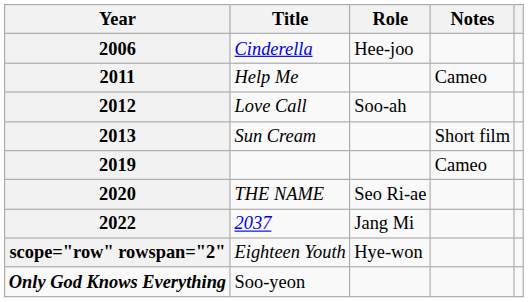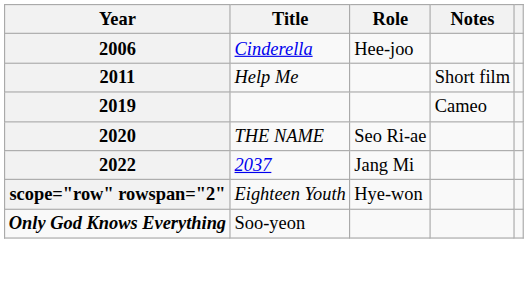 <table class="wikitable plainrowheaders sortable">
 <tr>
 <th scope="col">Year</th>
 <th scope="col">Title</th>
 <th scope="col">Role</th>
 <th scope="col">Notes</th>
 <th scope="col" class="unsortable"></th>
 </tr>
 <tr>
 <th scope="row">2006</th>
 <td><em><a href='#'>Cinderella</a></em></td>
 <td>Hee-joo</td>
 <td></td>
 <td style="text-align:center"></td>
 </tr>
 <tr>
 <th scope="row">2011</th>
 <td><em>Help Me</em></td>
-<td></td>
-<td>Cameo</td>
-<td style="text-align:center"></td>
-</tr>
-<tr>
-<th scope="row">2012</th>
-<td><em>Love Call</em></td>
-<td>Soo-ah</td>
-<td></td>
-<td style="text-align:center"></td>
-</tr>
-<tr>
-<th scope="row">2013</th>
-<td><em>Sun Cream</em></td>
 <td></td>
 <td>Short film</td>
 <td style="text-align:center"></td>
 </tr>
 <tr>
 <th scope="row">2019</th>
 <td><em></em></td>
 <td></td>
 <td>Cameo</td>
 <td style="text-align:center"></td>
 </tr>
 <tr>
 <th scope="row">2020</th>
 <td><em>THE NAME</em></td>
 <td>Seo Ri-ae</td>
 <td></td>
 <td style="text-align:center"></td>
 </tr>
 <tr>
 <th scope="row">2022</th>
 <td><em><a href='#'>2037</a></em></td>
 <td>Jang Mi</td>
 <td></td>
 <td style="text-align:center"></td>
 </tr>
 <tr>
 <th>scope="row" rowspan="2" </th>
 <td><em>Eighteen Youth</em></td>
 <td>Hye-won</td>
 <td></td>
 <td style="text-align:center"></td>
 </tr>
 <tr>
 <td><strong><em>Only God Knows Everything</em></strong></td>
 <td>Soo-yeon</td>
 <td></td>
 <td style="text-align:center"></td>
 </tr>
 </table>
